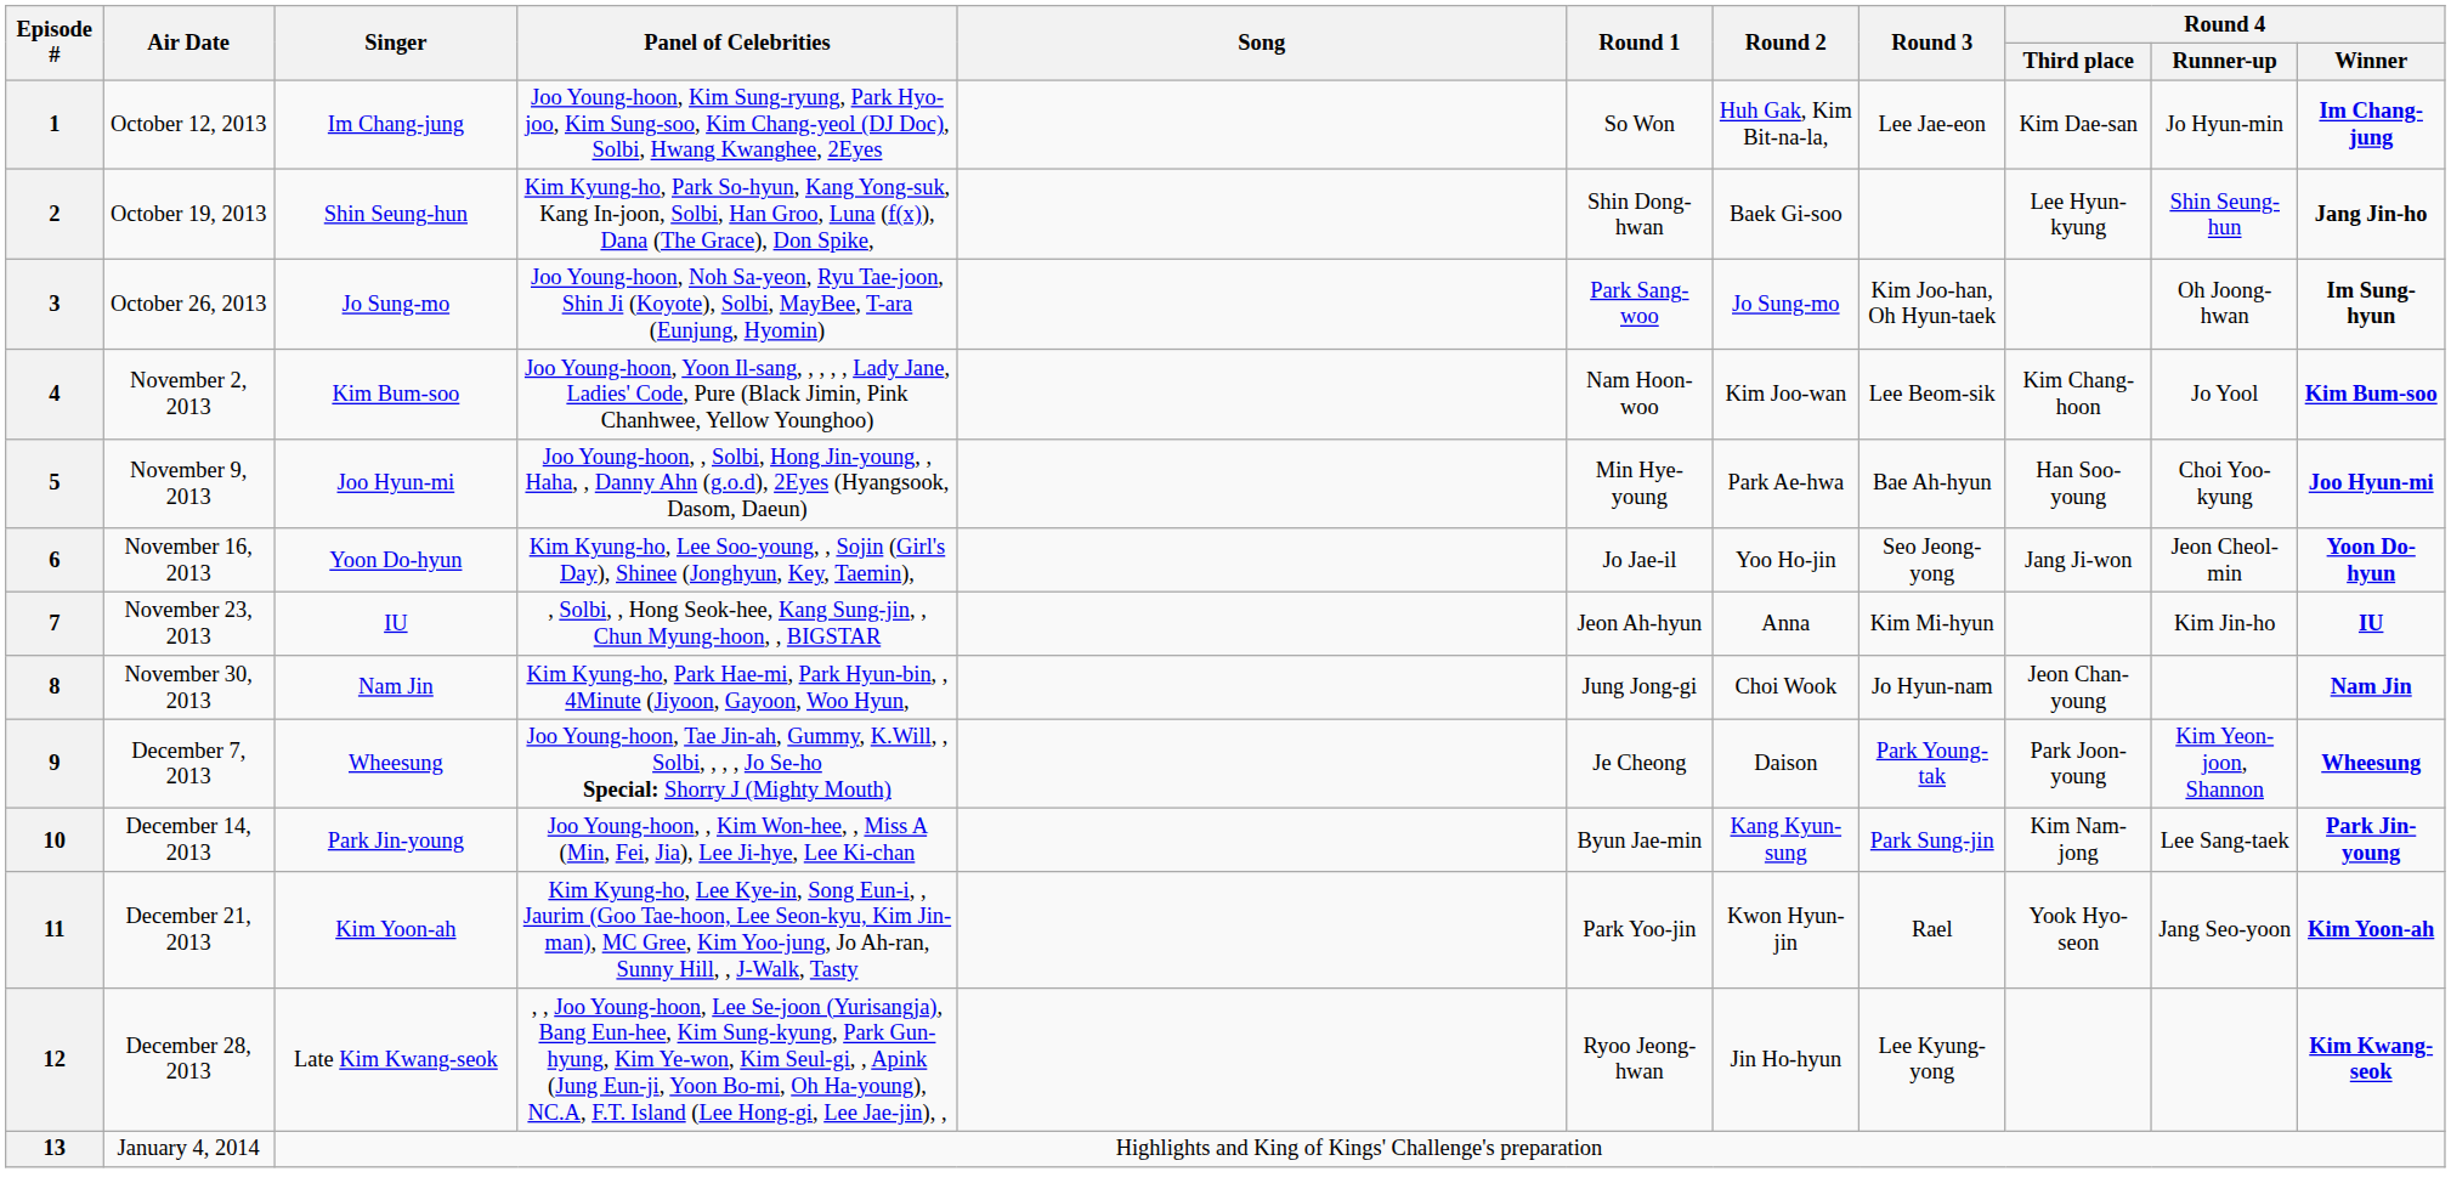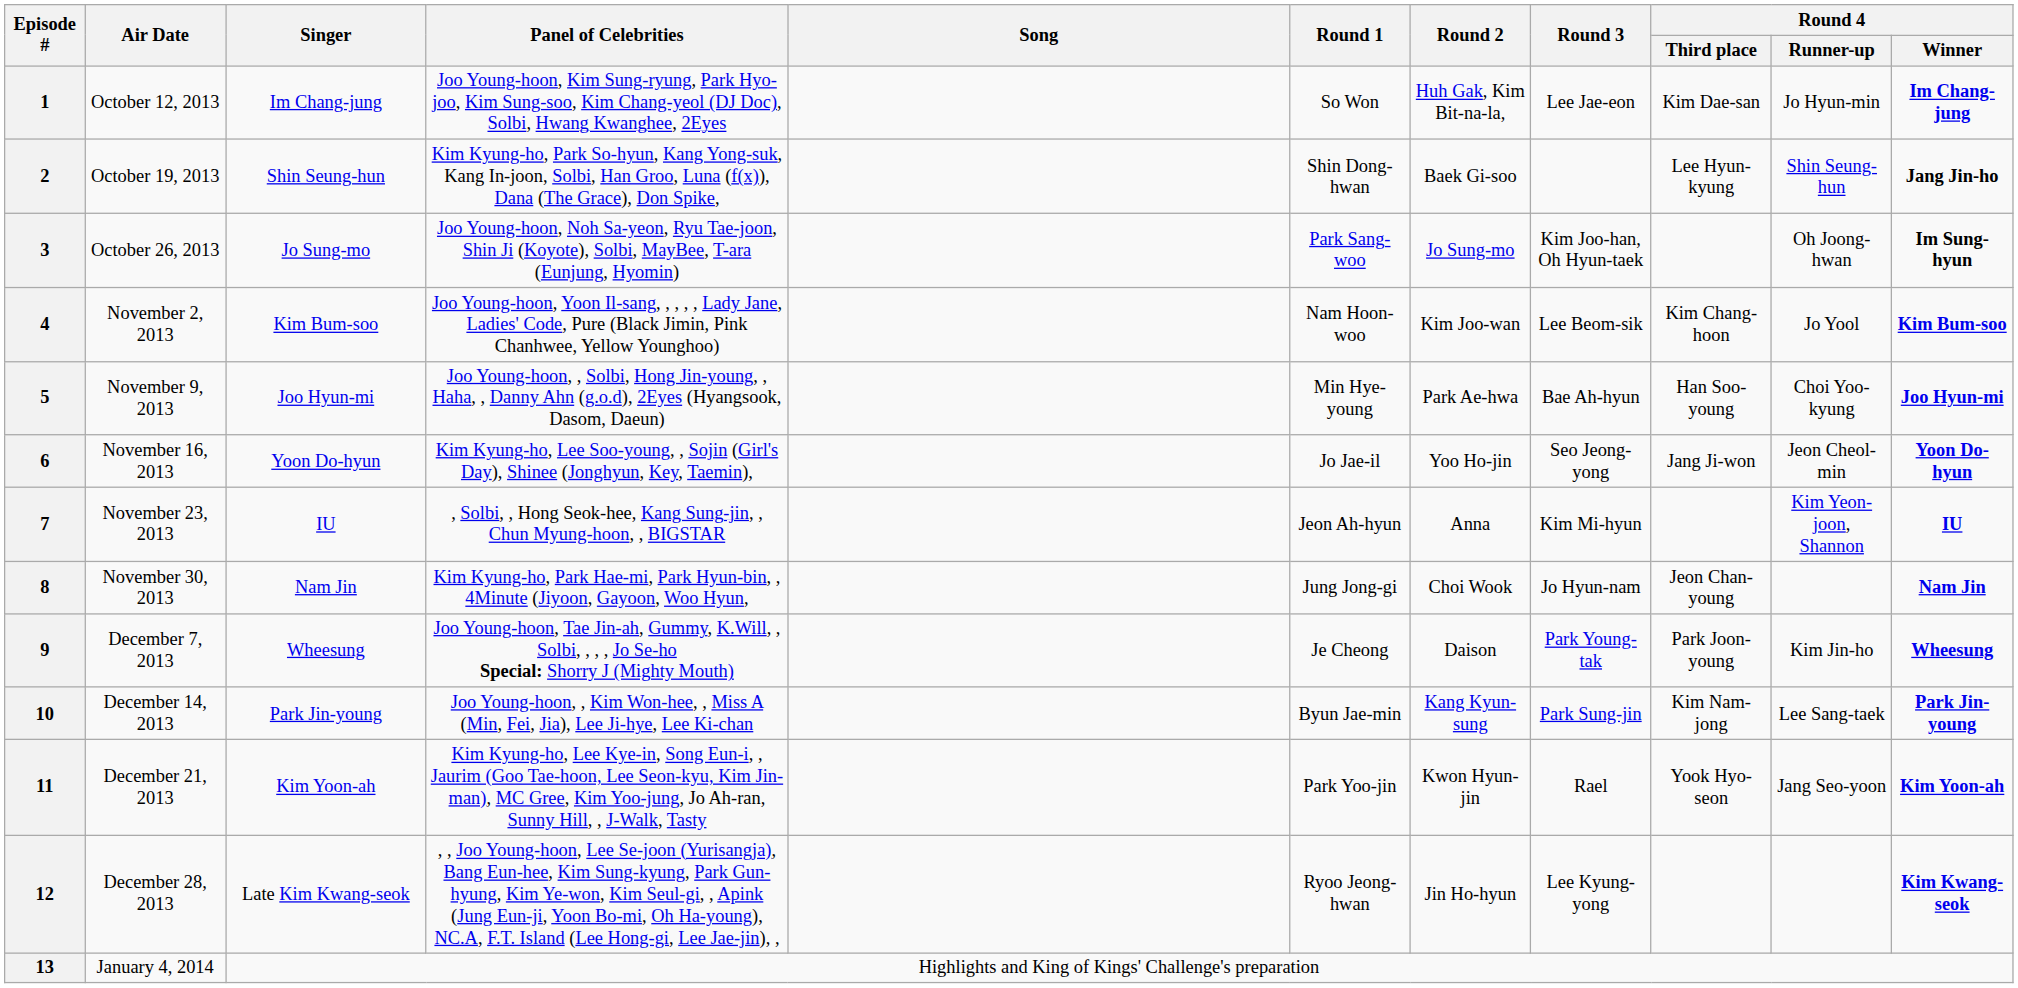 <table class="wikitable" style="text-align:center; font-size:90%;">
 <tr>
 <th rowspan="2" width="4%">Episode #</th>
 <th rowspan="2" width="7%">Air Date</th>
 <th rowspan="2" width="10%">Singer</th>
 <th rowspan="2" width="18%">Panel of Celebrities</th>
 <th rowspan="2" width="25%">Song</th>
 <th rowspan="2" width="6%">Round 1</th>
 <th rowspan="2" width="6%">Round 2</th>
 <th rowspan="2" width="6%">Round 3</th>
 <th colspan="3" width="18%">Round 4</th>
 </tr>
 <tr>
 <th width="6%">Third place</th>
 <th width="6%">Runner-up</th>
 <th width="6%">Winner</th>
 </tr>
 <tr>
 <th>1</th>
 <td>October 12, 2013</td>
 <td><a href='#'>Im Chang-jung</a></td>
 <td><a href='#'>Joo Young-hoon</a>, <a href='#'>Kim Sung-ryung</a>, <a href='#'>Park Hyo-joo</a>, <a href='#'>Kim Sung-soo</a>, <a href='#'>Kim Chang-yeol (DJ Doc)</a>, <a href='#'>Solbi</a>, <a href='#'>Hwang Kwanghee</a>, <a href='#'>2Eyes</a></td>
 <td></td>
 <td>So Won</td>
 <td><a href='#'>Huh Gak</a>,  Kim Bit-na-la,</td>
 <td>Lee Jae-eon</td>
 <td>Kim Dae-san</td>
 <td>Jo Hyun-min</td>
 <td><strong><a href='#'>Im Chang-jung</a></strong></td>
 </tr>
 <tr>
 <th>2</th>
 <td>October 19, 2013</td>
 <td><a href='#'>Shin Seung-hun</a></td>
 <td><a href='#'>Kim Kyung-ho</a>, <a href='#'>Park So-hyun</a>, <a href='#'>Kang Yong-suk</a>, Kang In-joon, <a href='#'>Solbi</a>, <a href='#'>Han Groo</a>, <a href='#'>Luna</a> (<a href='#'>f(x)</a>), <a href='#'>Dana</a> (<a href='#'>The Grace</a>), <a href='#'>Don Spike</a>, </td>
 <td></td>
 <td>Shin Dong-hwan</td>
 <td>Baek Gi-soo</td>
 <td></td>
 <td>Lee Hyun-kyung</td>
 <td><a href='#'>Shin Seung-hun</a></td>
 <td><strong>Jang Jin-ho</strong></td>
 </tr>
 <tr>
 <th>3</th>
 <td>October 26, 2013</td>
 <td><a href='#'>Jo Sung-mo</a></td>
 <td><a href='#'>Joo Young-hoon</a>, <a href='#'>Noh Sa-yeon</a>, <a href='#'>Ryu Tae-joon</a>, <a href='#'>Shin Ji</a> (<a href='#'>Koyote</a>), <a href='#'>Solbi</a>, <a href='#'>MayBee</a>, <a href='#'>T-ara</a> (<a href='#'>Eunjung</a>, <a href='#'>Hyomin</a>)</td>
 <td></td>
 <td><a href='#'>Park Sang-woo</a></td>
 <td><a href='#'>Jo Sung-mo</a></td>
 <td>Kim Joo-han,<br>Oh Hyun-taek</td>
 <td></td>
 <td>Oh Joong-hwan</td>
 <td><strong>Im Sung-hyun</strong> </td>
 </tr>
 <tr>
 <th>4</th>
 <td>November 2, 2013</td>
 <td><a href='#'>Kim Bum-soo</a></td>
 <td><a href='#'>Joo Young-hoon</a>, <a href='#'>Yoon Il-sang</a>, , , , , <a href='#'>Lady Jane</a>, <a href='#'>Ladies' Code</a>, Pure (Black Jimin, Pink Chanhwee, Yellow Younghoo)</td>
 <td></td>
 <td>Nam Hoon-woo</td>
 <td>Kim Joo-wan</td>
 <td>Lee Beom-sik</td>
 <td>Kim Chang-hoon</td>
 <td>Jo Yool</td>
 <td><strong><a href='#'>Kim Bum-soo</a></strong></td>
 </tr>
 <tr>
 <th>5</th>
 <td>November 9, 2013</td>
 <td><a href='#'>Joo Hyun-mi</a></td>
 <td><a href='#'>Joo Young-hoon</a>, , <a href='#'>Solbi</a>, <a href='#'>Hong Jin-young</a>, , <a href='#'>Haha</a>, , <a href='#'>Danny Ahn</a> (<a href='#'>g.o.d</a>), <a href='#'>2Eyes</a> (Hyangsook, Dasom, Daeun)</td>
 <td></td>
 <td>Min Hye-young</td>
 <td> Park Ae-hwa</td>
 <td>Bae Ah-hyun</td>
 <td>Han Soo-young</td>
 <td>Choi Yoo-kyung</td>
 <td><strong><a href='#'>Joo Hyun-mi</a></strong></td>
 </tr>
 <tr>
 <th>6</th>
 <td>November 16, 2013</td>
 <td><a href='#'>Yoon Do-hyun</a></td>
 <td><a href='#'>Kim Kyung-ho</a>, <a href='#'>Lee Soo-young</a>, , <a href='#'>Sojin</a> (<a href='#'>Girl's Day</a>), <a href='#'>Shinee</a> (<a href='#'>Jonghyun</a>, <a href='#'>Key</a>, <a href='#'>Taemin</a>), </td>
 <td></td>
 <td>Jo Jae-il</td>
 <td>Yoo Ho-jin</td>
 <td>Seo Jeong-yong</td>
 <td>Jang Ji-won</td>
 <td>Jeon Cheol-min</td>
 <td><strong><a href='#'>Yoon Do-hyun</a></strong></td>
 </tr>
 <tr>
 <th>7</th>
 <td>November 23, 2013</td>
 <td><a href='#'>IU</a></td>
 <td>, <a href='#'>Solbi</a>, , Hong Seok-hee, <a href='#'>Kang Sung-jin</a>, , <a href='#'>Chun Myung-hoon</a>, , <a href='#'>BIGSTAR</a></td>
 <td></td>
 <td>Jeon Ah-hyun</td>
 <td> Anna</td>
 <td>Kim Mi-hyun</td>
 <td></td>
-<td>Kim Jin-ho</td>
+<td><a href='#'>Kim Yeon-joon</a>,<br> <a href='#'>Shannon</a></td>
 <td><strong><a href='#'>IU</a></strong></td>
 </tr>
 <tr>
 <th>8</th>
 <td>November 30, 2013</td>
 <td><a href='#'>Nam Jin</a></td>
 <td><a href='#'>Kim Kyung-ho</a>, <a href='#'>Park Hae-mi</a>, <a href='#'>Park Hyun-bin</a>, , <a href='#'>4Minute</a> (<a href='#'>Jiyoon</a>, <a href='#'>Gayoon</a>, <a href='#'>Woo Hyun</a>, </td>
 <td></td>
 <td>Jung Jong-gi</td>
 <td>Choi Wook</td>
 <td>Jo Hyun-nam</td>
 <td>Jeon Chan-young</td>
 <td></td>
 <td><strong><a href='#'>Nam Jin</a></strong></td>
 </tr>
 <tr>
 <th>9</th>
 <td>December 7, 2013</td>
 <td><a href='#'>Wheesung</a></td>
 <td><a href='#'>Joo Young-hoon</a>, <a href='#'>Tae Jin-ah</a>, <a href='#'>Gummy</a>, <a href='#'>K.Will</a>, , <a href='#'>Solbi</a>, , , , <a href='#'>Jo Se-ho</a><br><strong>Special:</strong> <a href='#'>Shorry J (Mighty Mouth)</a></td>
 <td></td>
 <td>Je Cheong</td>
 <td>Daison</td>
 <td><a href='#'>Park Young-tak</a></td>
 <td>Park Joon-young</td>
-<td><a href='#'>Kim Yeon-joon</a>,<br> <a href='#'>Shannon</a></td>
+<td>Kim Jin-ho</td>
 <td><strong><a href='#'>Wheesung</a></strong></td>
 </tr>
 <tr>
 <th>10</th>
 <td>December 14, 2013</td>
 <td><a href='#'>Park Jin-young</a></td>
 <td><a href='#'>Joo Young-hoon</a>, , <a href='#'>Kim Won-hee</a>, , <a href='#'>Miss A</a> (<a href='#'>Min</a>, <a href='#'>Fei</a>, <a href='#'>Jia</a>), <a href='#'>Lee Ji-hye</a>, <a href='#'>Lee Ki-chan</a></td>
 <td></td>
 <td>Byun Jae-min</td>
 <td><a href='#'>Kang Kyun-sung</a></td>
 <td><a href='#'>Park Sung-jin</a></td>
 <td>Kim Nam-jong</td>
 <td>Lee Sang-taek</td>
 <td><strong><a href='#'>Park Jin-young</a></strong></td>
 </tr>
 <tr>
 <th>11</th>
 <td>December 21, 2013</td>
 <td><a href='#'>Kim Yoon-ah</a></td>
 <td><a href='#'>Kim Kyung-ho</a>, <a href='#'>Lee Kye-in</a>, <a href='#'>Song Eun-i</a>, , <a href='#'>Jaurim (Goo Tae-hoon, Lee Seon-kyu, Kim Jin-man)</a>, <a href='#'>MC Gree</a>, <a href='#'>Kim Yoo-jung</a>, Jo Ah-ran, <a href='#'>Sunny Hill</a>, , <a href='#'>J-Walk</a>, <a href='#'>Tasty</a></td>
 <td></td>
 <td>Park Yoo-jin</td>
 <td>Kwon Hyun-jin</td>
 <td>Rael</td>
 <td>Yook Hyo-seon</td>
 <td>Jang Seo-yoon</td>
 <td><strong><a href='#'>Kim Yoon-ah</a></strong></td>
 </tr>
 <tr>
 <th>12</th>
 <td>December 28, 2013</td>
 <td>Late <a href='#'>Kim Kwang-seok</a></td>
 <td>, , <a href='#'>Joo Young-hoon</a>, <a href='#'>Lee Se-joon (Yurisangja)</a>, <a href='#'>Bang Eun-hee</a>, <a href='#'>Kim Sung-kyung</a>, <a href='#'>Park Gun-hyung</a>, <a href='#'>Kim Ye-won</a>, <a href='#'>Kim Seul-gi</a>, , <a href='#'>Apink</a> (<a href='#'>Jung Eun-ji</a>, <a href='#'>Yoon Bo-mi</a>, <a href='#'>Oh Ha-young</a>), <a href='#'>NC.A</a>, <a href='#'>F.T. Island</a> (<a href='#'>Lee Hong-gi</a>, <a href='#'>Lee Jae-jin</a>), , </td>
 <td></td>
 <td>Ryoo Jeong-hwan</td>
 <td>Jin Ho-hyun</td>
 <td>Lee Kyung-yong</td>
 <td></td>
 <td></td>
 <td><strong><a href='#'>Kim Kwang-seok</a></strong></td>
 </tr>
 <tr>
 <th>13</th>
 <td>January 4, 2014</td>
 <td colspan="9">Highlights and King of Kings' Challenge's preparation</td>
 </tr>
 </table>
